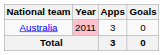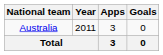 <table class="wikitable" style="text-align:center">
 <tr>
 <th>National team</th>
 <th>Year</th>
 <th>Apps</th>
 <th>Goals</th>
 </tr>
 <tr>
 <td><a href='#'>Australia</a></td>
-<td style="background: pink;">2011</td>
+<td>2011</td>
 <td>3</td>
 <td>0</td>
 </tr>
 <tr>
 <th colspan="2">Total</th>
 <th>3</th>
 <th>0</th>
 </tr>
 </table>
